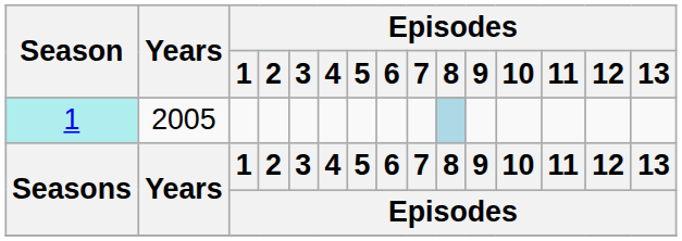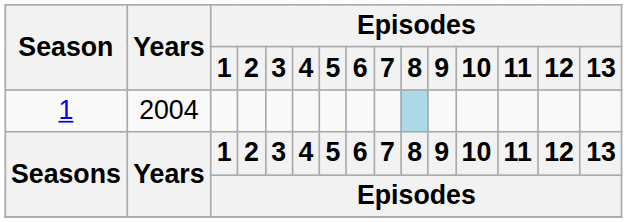 <table class="wikitable" style="text-align:center; margin:auto;">
 <tr>
 <th colspan="1" rowspan="2" style="text-align:center;">Season</th>
 <th colspan="1" rowspan="2" style="text-align:center;">Years</th>
 <th colspan="13"  style="text-align:center;">Episodes</th>
 </tr>
 <tr>
 <th colspan="1" style="text-align:center;">1</th>
 <th colspan="1" style="text-align:center;">2</th>
 <th colspan="1" style="text-align:center;">3</th>
 <th colspan="1" style="text-align:center;">4</th>
 <th colspan="1" style="text-align:center;">5</th>
 <th colspan="1" style="text-align:center;">6</th>
 <th colspan="1" style="text-align:center;">7</th>
 <th colspan="1" style="text-align:center;">8</th>
 <th colspan="1" style="text-align:center;">9</th>
 <th colspan="1" style="text-align:center;">10</th>
 <th colspan="1" style="text-align:center;">11</th>
 <th colspan="1" style="text-align:center;">12</th>
 <th colspan="1" style="text-align:center;">13</th>
 </tr>
 <tr>
-<td style="background: paleturquoise;"><a href='#'>1</a></td>
-<td>2005</td>
+<td><a href='#'>1</a></td>
+<td>2004</td>
 <td></td>
 <td></td>
 <td></td>
 <td></td>
 <td></td>
 <td></td>
 <td></td>
 <td colspan="1" style="background:lightblue; text-align:center;"></td>
 <td></td>
 <td></td>
 <td></td>
 <td></td>
 <td></td>
 </tr>
 <tr>
 <th rowspan="2" colspan="1" style="text-align:center;">Seasons</th>
 <th colspan="1" rowspan="2" style="text-align:center;">Years</th>
 <th colspan="1" style="text-align:center;">1</th>
 <th colspan="1" style="text-align:center;">2</th>
 <th colspan="1" style="text-align:center;">3</th>
 <th colspan="1" style="text-align:center;">4</th>
 <th colspan="1" style="text-align:center;">5</th>
 <th colspan="1" style="text-align:center;">6</th>
 <th colspan="1" style="text-align:center;">7</th>
 <th colspan="1" style="text-align:center;">8</th>
 <th colspan="1" style="text-align:center;">9</th>
 <th colspan="1" style="text-align:center;">10</th>
 <th colspan="1" style="text-align:center;">11</th>
 <th colspan="1" style="text-align:center;">12</th>
 <th colspan="1" style="text-align:center;">13</th>
 </tr>
 <tr>
 <th colspan="13"  style="text-align:center;">Episodes</th>
 </tr>
 <tr>
 </tr>
 </table>
